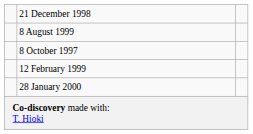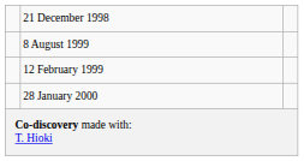 <table class="wikitable" style="font-size: 89%; float: left; width: 26em; margin-right: 1em; height: 190px;">
 <tr>
 <td></td>
 <td>21 December 1998</td>
 <td></td>
 </tr>
 <tr>
 <td></td>
 <td>8 August 1999</td>
-<td></td>
-</tr>
-<tr>
-<td></td>
-<td>8 October 1997</td>
 <td></td>
 </tr>
 <tr>
 <td></td>
 <td>12 February 1999</td>
 <td></td>
 </tr>
 <tr>
 <td></td>
 <td>28 January 2000</td>
 <td></td>
 </tr>
 <tr>
 <th colspan=3 style="font-weight: normal; text-align: left; padding: 4px 12px;"><strong>Co-discovery</strong> made with:<br> <a href='#'>T. Hioki</a></th>
 </tr>
 </table>
